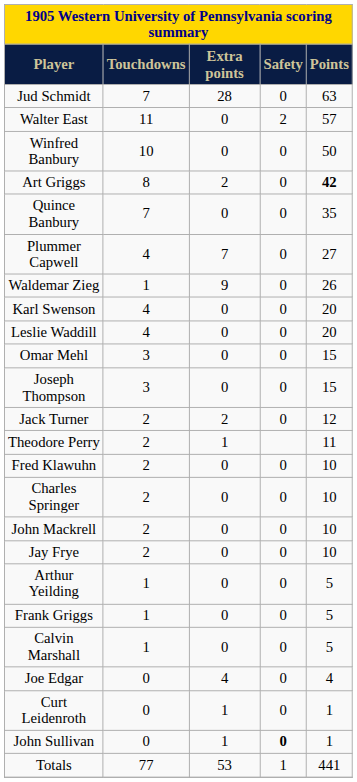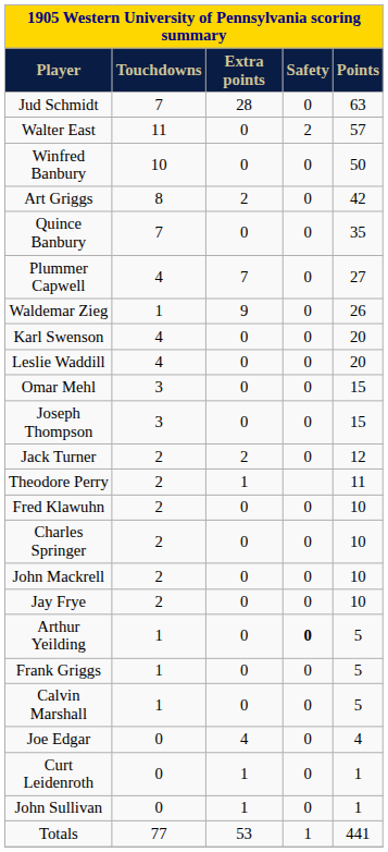 <table class="wikitable" width="30%">
 <tr>
 <th colspan="10" style="background:gold; color:darkblue; text-align: center;"><strong>1905 Western University of Pennsylvania scoring summary</strong></th>
 </tr>
 <tr align="center"  style="background:#091C44;color:#CEC499;">
 <td><strong>Player</strong></td>
 <td><strong>Touchdowns</strong></td>
 <td><strong>Extra points</strong></td>
 <td><strong>Safety</strong></td>
 <td><strong>Points</strong></td>
 </tr>
 <tr align="center" bgcolor="">
 <td>Jud Schmidt</td>
 <td>7</td>
 <td>28</td>
 <td>0</td>
 <td>63</td>
 </tr>
 <tr align="center" bgcolor="">
 <td>Walter East</td>
 <td>11</td>
 <td>0</td>
 <td>2</td>
 <td>57</td>
 </tr>
 <tr align="center" bgcolor="">
 <td>Winfred Banbury</td>
 <td>10</td>
 <td>0</td>
 <td>0</td>
 <td>50</td>
 </tr>
 <tr align="center" bgcolor="">
 <td>Art Griggs</td>
 <td>8</td>
 <td>2</td>
 <td>0</td>
-<td><strong>42</strong></td>
+<td>42</td>
 </tr>
 <tr align="center" bgcolor="">
 <td>Quince Banbury</td>
 <td>7</td>
 <td>0</td>
 <td>0</td>
 <td>35</td>
 </tr>
 <tr align="center" bgcolor="">
 <td>Plummer Capwell</td>
 <td>4</td>
 <td>7</td>
 <td>0</td>
 <td>27</td>
 </tr>
 <tr align="center" bgcolor="">
 <td>Waldemar Zieg</td>
 <td>1</td>
 <td>9</td>
 <td>0</td>
 <td>26</td>
 </tr>
 <tr align="center" bgcolor="">
 <td>Karl Swenson</td>
 <td>4</td>
 <td>0</td>
 <td>0</td>
 <td>20</td>
 </tr>
 <tr align="center" bgcolor="">
 <td>Leslie Waddill</td>
 <td>4</td>
 <td>0</td>
 <td>0</td>
 <td>20</td>
 </tr>
 <tr align="center" bgcolor="">
 <td>Omar Mehl</td>
 <td>3</td>
 <td>0</td>
 <td>0</td>
 <td>15</td>
 </tr>
 <tr align="center" bgcolor="">
 <td>Joseph Thompson</td>
 <td>3</td>
 <td>0</td>
 <td>0</td>
 <td>15</td>
 </tr>
 <tr align="center" bgcolor="">
 <td>Jack Turner</td>
 <td>2</td>
 <td>2</td>
 <td>0</td>
 <td>12</td>
 </tr>
 <tr align="center" bgcolor="">
 <td>Theodore Perry</td>
 <td>2</td>
 <td>1</td>
 <td></td>
 <td>11</td>
 </tr>
 <tr align="center" bgcolor="">
 <td>Fred Klawuhn</td>
 <td>2</td>
 <td>0</td>
 <td>0</td>
 <td>10</td>
 </tr>
 <tr align="center" bgcolor="">
 <td>Charles Springer</td>
 <td>2</td>
 <td>0</td>
 <td>0</td>
 <td>10</td>
 </tr>
 <tr align="center" bgcolor="">
 <td>John Mackrell</td>
 <td>2</td>
 <td>0</td>
 <td>0</td>
 <td>10</td>
 </tr>
 <tr align="center" bgcolor="">
 <td>Jay Frye</td>
 <td>2</td>
 <td>0</td>
 <td>0</td>
 <td>10</td>
 </tr>
 <tr align="center" bgcolor="">
 <td>Arthur Yeilding</td>
 <td>1</td>
 <td>0</td>
-<td>0</td>
+<td><strong>0</strong></td>
 <td>5</td>
 </tr>
 <tr align="center" bgcolor="">
 <td>Frank Griggs</td>
 <td>1</td>
 <td>0</td>
 <td>0</td>
 <td>5</td>
 </tr>
 <tr align="center" bgcolor="">
 <td>Calvin Marshall</td>
 <td>1</td>
 <td>0</td>
 <td>0</td>
 <td>5</td>
 </tr>
 <tr align="center" bgcolor="">
 <td>Joe Edgar</td>
 <td>0</td>
 <td>4</td>
 <td>0</td>
 <td>4</td>
 </tr>
 <tr align="center" bgcolor="">
 <td>Curt Leidenroth</td>
 <td>0</td>
 <td>1</td>
 <td>0</td>
 <td>1</td>
 </tr>
 <tr align="center" bgcolor="">
 <td>John Sullivan</td>
 <td>0</td>
 <td>1</td>
-<td><strong>0</strong></td>
+<td>0</td>
 <td>1</td>
 </tr>
 <tr align="center" bgcolor="">
 <td>Totals</td>
 <td>77</td>
 <td>53</td>
 <td>1</td>
 <td>441</td>
 </tr>
 <tr align="center" bgcolor="">
 </tr>
 </table>
